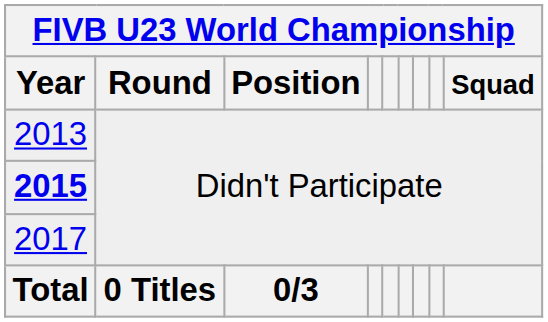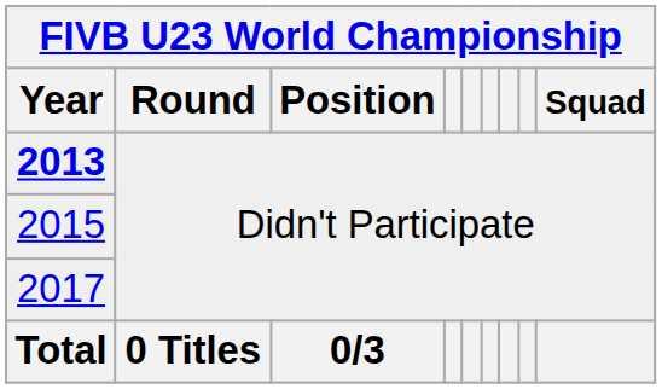 <table class="wikitable" style="text-align: center;">
 <tr>
 <th colspan=9><a href='#'>FIVB U23 World Championship</a></th>
 </tr>
 <tr>
 <th>Year</th>
 <th>Round</th>
 <th>Position</th>
 <th></th>
 <th></th>
 <th></th>
 <th></th>
 <th></th>
 <th><small>Squad</small></th>
 </tr>
 <tr bgcolor="efefef">
-<td> <a href='#'>2013</a></td>
+<td><strong> <a href='#'>2013</a></strong></td>
 <td colspan=9 rowspan=3>Didn't Participate</td>
 </tr>
 <tr bgcolor="efefef">
-<td><strong> <a href='#'>2015</a></strong></td>
+<td> <a href='#'>2015</a></td>
 </tr>
 <tr bgcolor="efefef">
 <td> <a href='#'>2017</a></td>
 </tr>
 <tr>
 <th>Total</th>
 <th>0 Titles</th>
 <th>0/3</th>
 <th></th>
 <th></th>
 <th></th>
 <th></th>
 <th></th>
 <th></th>
 </tr>
 </table>
